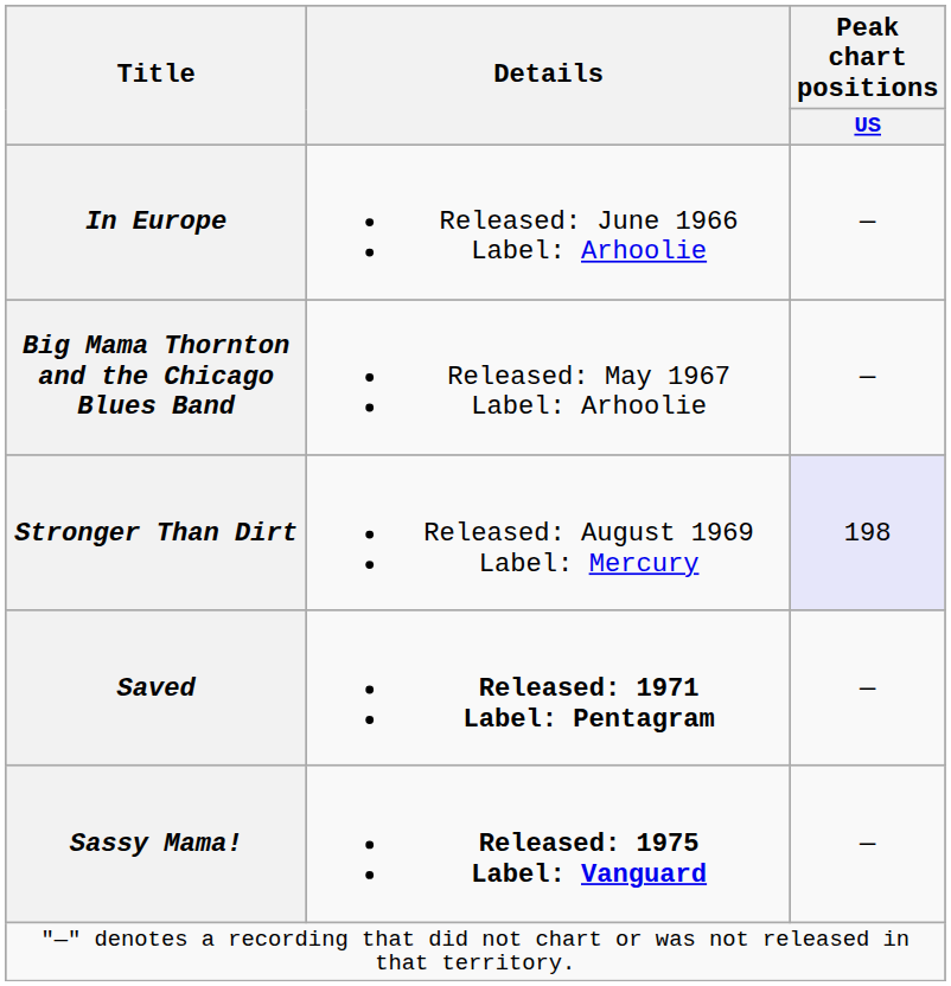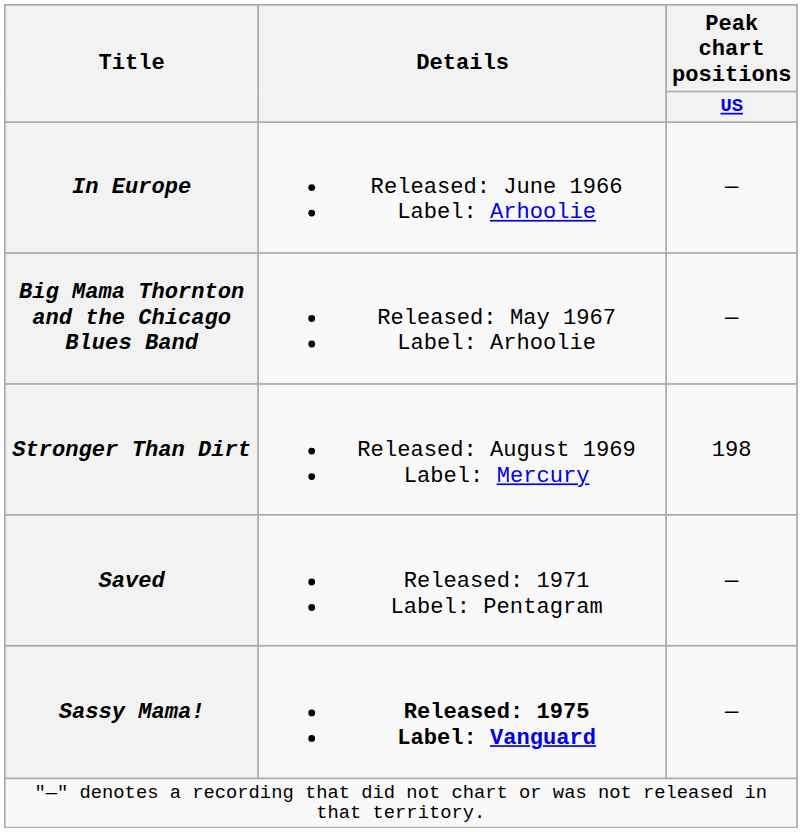 <table class="wikitable plainrowheaders" style="text-align:center;">
 <tr>
 <th scope="col" rowspan="2" style="width:11em;">Title</th>
 <th scope="col" rowspan="2" style="width:18em;">Details</th>
 <th scope="col" colspan="1">Peak chart positions</th>
 </tr>
 <tr>
 <th scope="col" style="width:2.5em; font-size:85%;"><a href='#'>US</a><br></th>
 </tr>
 <tr>
 <th scope="row"><em>In Europe</em></th>
 <td><br><ul><li>Released: June 1966</li><li>Label: <a href='#'>Arhoolie</a></li></ul></td>
 <td>—</td>
 </tr>
 <tr>
 <th scope="row"><em>Big Mama Thornton and the Chicago Blues Band</em></th>
 <td><br><ul><li>Released: May 1967</li><li>Label: Arhoolie</li></ul></td>
 <td>—</td>
 </tr>
 <tr>
 <th scope="row"><em>Stronger Than Dirt</em></th>
 <td><br><ul><li>Released: August 1969</li><li>Label: <a href='#'>Mercury</a></li></ul></td>
-<td style="background: lavender;">198</td>
+<td>198</td>
 </tr>
 <tr>
 <th scope="row"><em>Saved</em></th>
-<td><strong><br><ul><li>Released: 1971</li><li>Label: Pentagram</li></ul></strong></td>
+<td><br><ul><li>Released: 1971</li><li>Label: Pentagram</li></ul></td>
 <td>—</td>
 </tr>
 <tr>
 <th scope="row"><em>Sassy Mama!</em></th>
 <td><strong><br><ul><li>Released: 1975</li><li>Label: <a href='#'>Vanguard</a></li></ul></strong></td>
 <td>—</td>
 </tr>
 <tr>
 <td colspan="14" style="font-size:85%">"—" denotes a recording that did not chart or was not released in that territory.</td>
 </tr>
 </table>
